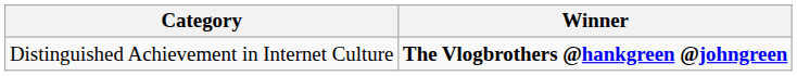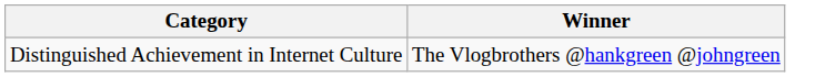 <table class="wikitable">
 <tr>
 <th>Category</th>
 <th>Winner</th>
 </tr>
 <tr>
 <td>Distinguished Achievement in Internet Culture</td>
-<td><strong>The Vlogbrothers @<a href='#'>hankgreen</a> @<a href='#'>johngreen</a></strong></td>
+<td>The Vlogbrothers @<a href='#'>hankgreen</a> @<a href='#'>johngreen</a></td>
 </tr>
 </table>
